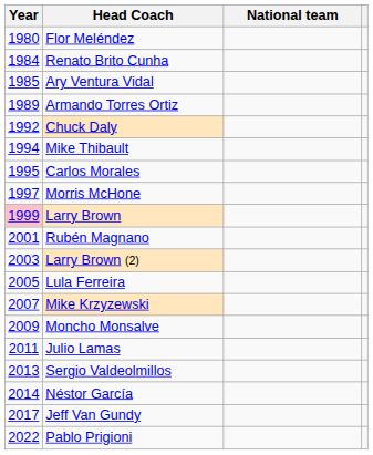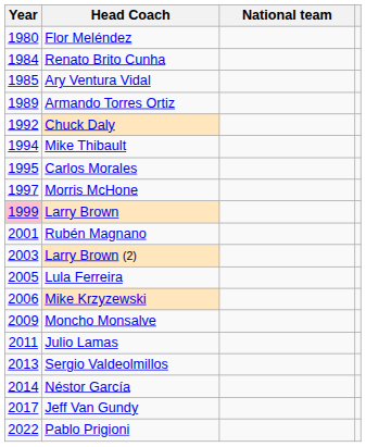 <table class="wikitable">
 <tr>
 <th>Year</th>
 <th style="width:200px">Head Coach</th>
 <th style="width:150px">National team</th>
 <th></th>
 </tr>
 <tr>
 <td style="text-align:center;"><a href='#'>1980</a></td>
 <td> <a href='#'>Flor Meléndez</a></td>
 <td></td>
 <td></td>
 </tr>
 <tr>
 <td style="text-align:center;"><a href='#'>1984</a></td>
 <td> <a href='#'>Renato Brito Cunha</a></td>
 <td></td>
 <td></td>
 </tr>
 <tr>
 <td style="text-align:center;"><a href='#'>1985</a></td>
 <td> <a href='#'>Ary Ventura Vidal</a></td>
 <td></td>
 <td></td>
 </tr>
 <tr>
 <td style="text-align:center;"><a href='#'>1989</a></td>
 <td> <a href='#'>Armando Torres Ortiz</a></td>
 <td></td>
 <td></td>
 </tr>
 <tr>
 <td style="text-align:center;"><a href='#'>1992</a></td>
 <td scope="row" style="background-color:#FFE6BD; align=left"> <a href='#'>Chuck Daly</a></td>
 <td></td>
 <td></td>
 </tr>
 <tr>
 <td style="text-align:center;"><a href='#'>1994</a></td>
 <td> <a href='#'>Mike Thibault</a></td>
 <td></td>
 <td></td>
 </tr>
 <tr>
 <td style="text-align:center;"><a href='#'>1995</a></td>
 <td> <a href='#'>Carlos Morales</a></td>
 <td></td>
 <td></td>
 </tr>
 <tr>
 <td style="text-align:center;"><a href='#'>1997</a></td>
 <td> <a href='#'>Morris McHone</a></td>
 <td></td>
 <td></td>
 </tr>
 <tr>
 <td style="background: pink; text-align:center;"><a href='#'>1999</a></td>
 <td scope="row" style="background-color:#FFE6BD; align=left"> <a href='#'>Larry Brown</a></td>
 <td></td>
 <td></td>
 </tr>
 <tr>
 <td style="text-align:center;"><a href='#'>2001</a></td>
 <td> <a href='#'>Rubén Magnano</a></td>
 <td></td>
 <td></td>
 </tr>
 <tr>
 <td style="text-align:center;"><a href='#'>2003</a></td>
 <td scope="row" style="background-color:#FFE6BD; align=left"> <a href='#'>Larry Brown</a> <small>(2)</small></td>
 <td></td>
 <td></td>
 </tr>
 <tr>
 <td style="text-align:center;"><a href='#'>2005</a></td>
 <td> <a href='#'>Lula Ferreira</a></td>
 <td></td>
 <td></td>
 </tr>
 <tr>
-<td style="text-align:center;"><a href='#'>2007</a></td>
+<td style="text-align:center;"><a href='#'>2006</a></td>
 <td scope="row" style="background-color:#FFE6BD; align=left"> <a href='#'>Mike Krzyzewski</a></td>
 <td></td>
 <td></td>
 </tr>
 <tr>
 <td style="text-align:center;"><a href='#'>2009</a></td>
 <td> <a href='#'>Moncho Monsalve</a></td>
 <td></td>
 <td></td>
 </tr>
 <tr>
 <td style="text-align:center;"><a href='#'>2011</a></td>
 <td> <a href='#'>Julio Lamas</a></td>
 <td></td>
 <td></td>
 </tr>
 <tr>
 <td style="text-align:center;"><a href='#'>2013</a></td>
 <td> <a href='#'>Sergio Valdeolmillos</a></td>
 <td></td>
 <td></td>
 </tr>
 <tr>
 <td style="text-align:center;"><a href='#'>2014</a></td>
 <td> <a href='#'>Néstor García</a></td>
 <td></td>
 <td></td>
 </tr>
 <tr>
 <td style="text-align:center;"><a href='#'>2017</a></td>
 <td> <a href='#'>Jeff Van Gundy</a></td>
 <td></td>
 <td></td>
 </tr>
 <tr>
 <td style="text-align:center;"><a href='#'>2022</a></td>
 <td> <a href='#'>Pablo Prigioni</a></td>
 <td></td>
 <td></td>
 </tr>
 </table>
